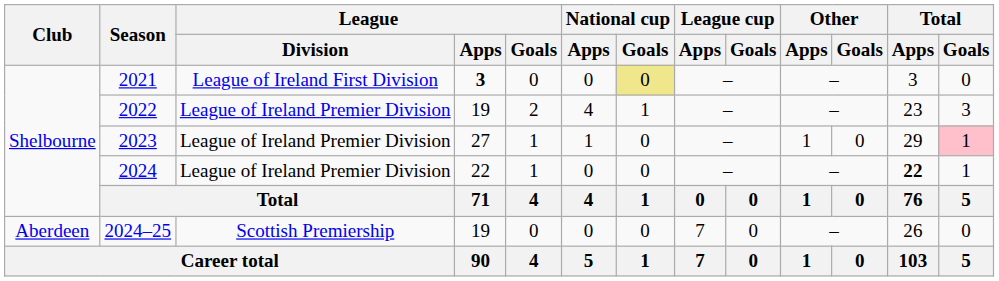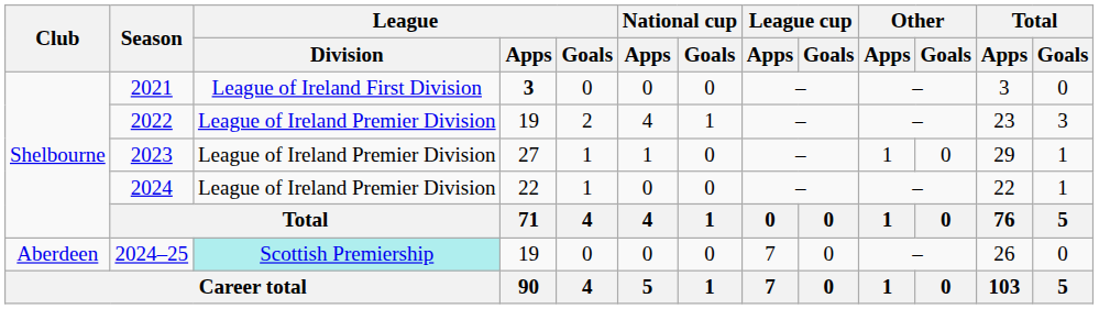 <table class="wikitable" style="text-align: center;">
 <tr>
 <th rowspan="2">Club</th>
 <th rowspan="2">Season</th>
 <th colspan="3">League</th>
 <th colspan="2">National cup</th>
 <th colspan="2">League cup</th>
 <th colspan="2">Other</th>
 <th colspan="2">Total</th>
 </tr>
 <tr>
 <th>Division</th>
 <th>Apps</th>
 <th>Goals</th>
 <th>Apps</th>
 <th>Goals</th>
 <th>Apps</th>
 <th>Goals</th>
 <th>Apps</th>
 <th>Goals</th>
 <th>Apps</th>
 <th>Goals</th>
 </tr>
 <tr>
 <td rowspan="5"><a href='#'>Shelbourne</a></td>
 <td><a href='#'>2021</a></td>
 <td><a href='#'>League of Ireland First Division</a></td>
 <td><strong>3</strong></td>
 <td>0</td>
 <td>0</td>
-<td style="background: khaki;">0</td>
+<td>0</td>
 <td colspan="2">–</td>
 <td colspan="2">–</td>
 <td>3</td>
 <td>0</td>
 </tr>
 <tr>
 <td><a href='#'>2022</a></td>
 <td><a href='#'>League of Ireland Premier Division</a></td>
 <td>19</td>
 <td>2</td>
 <td>4</td>
 <td>1</td>
 <td colspan="2">–</td>
 <td colspan="2">–</td>
 <td>23</td>
 <td>3</td>
 </tr>
 <tr>
 <td><a href='#'>2023</a></td>
 <td>League of Ireland Premier Division</td>
 <td>27</td>
 <td>1</td>
 <td>1</td>
 <td>0</td>
 <td colspan="2">–</td>
 <td>1</td>
 <td>0</td>
 <td>29</td>
-<td style="background: pink;">1</td>
+<td>1</td>
 </tr>
 <tr>
 <td><a href='#'>2024</a></td>
 <td>League of Ireland Premier Division</td>
 <td>22</td>
 <td>1</td>
 <td>0</td>
 <td>0</td>
 <td colspan="2">–</td>
 <td colspan="2">–</td>
-<td><strong>22</strong></td>
+<td>22</td>
 <td>1</td>
 </tr>
 <tr>
 <th colspan="2">Total</th>
 <th>71</th>
 <th>4</th>
 <th>4</th>
 <th>1</th>
 <th>0</th>
 <th>0</th>
 <th>1</th>
 <th>0</th>
 <th>76</th>
 <th>5</th>
 </tr>
 <tr>
 <td><a href='#'>Aberdeen</a></td>
 <td><a href='#'>2024–25</a></td>
-<td><a href='#'>Scottish Premiership</a></td>
+<td style="background: paleturquoise;"><a href='#'>Scottish Premiership</a></td>
 <td>19</td>
 <td>0</td>
 <td>0</td>
 <td>0</td>
 <td>7</td>
 <td>0</td>
 <td colspan="2">–</td>
 <td>26</td>
 <td>0</td>
 </tr>
 <tr>
 <th colspan="3">Career total</th>
 <th>90</th>
 <th>4</th>
 <th>5</th>
 <th>1</th>
 <th>7</th>
 <th>0</th>
 <th>1</th>
 <th>0</th>
 <th>103</th>
 <th>5</th>
 </tr>
 </table>
